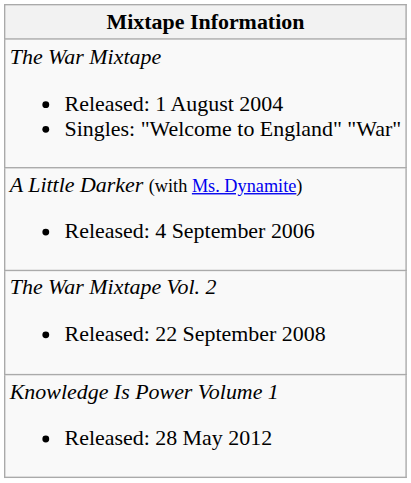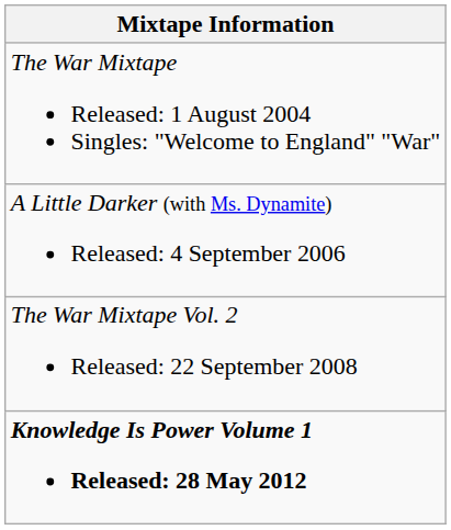 <table class="wikitable">
 <tr>
 <th>Mixtape Information</th>
 </tr>
 <tr>
 <td><em>The War Mixtape</em><br><ul><li>Released: 1 August 2004</li><li>Singles: "Welcome to England" "War"</li></ul></td>
 </tr>
 <tr>
 <td><em>A Little Darker</em> <small> (with <a href='#'>Ms. Dynamite</a>) </small><br><ul><li>Released: 4 September 2006</li></ul></td>
 </tr>
 <tr>
 <td><em>The War Mixtape Vol. 2</em><br><ul><li>Released: 22 September 2008</li></ul></td>
 </tr>
 <tr>
-<td><em>Knowledge Is Power Volume 1</em><br><ul><li>Released: 28 May 2012</li></ul></td>
+<td><strong><em>Knowledge Is Power Volume 1</em><br><ul><li>Released: 28 May 2012</li></ul></strong></td>
 </tr>
 </table>
